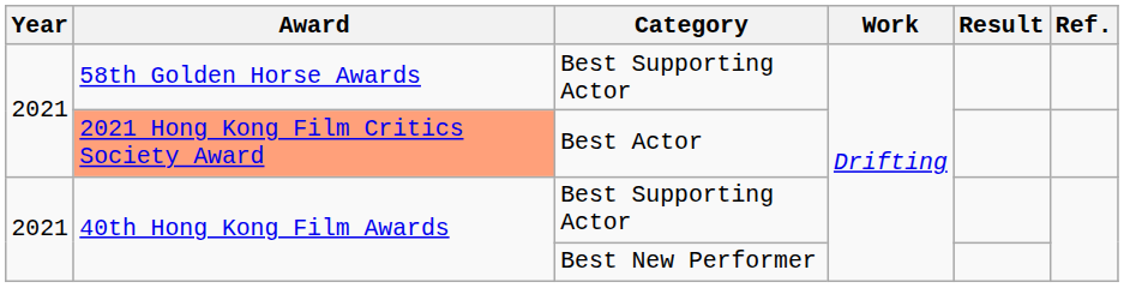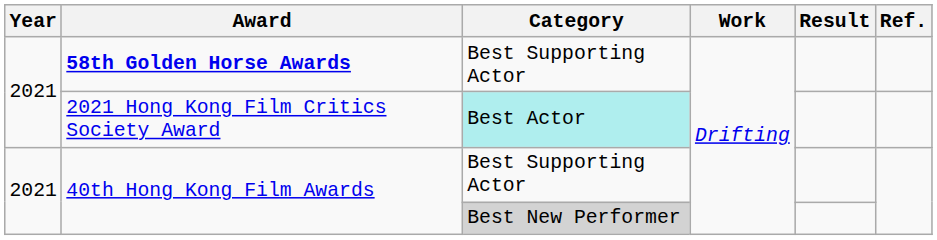 <table class="wikitable plainrowheaders">
 <tr>
 <th>Year</th>
 <th>Award</th>
 <th>Category</th>
 <th>Work</th>
 <th>Result</th>
 <th>Ref.</th>
 </tr>
 <tr>
 <td rowspan="2">2021</td>
-<td><a href='#'>58th Golden Horse Awards</a></td>
+<td><strong><a href='#'>58th Golden Horse Awards</a></strong></td>
 <td>Best Supporting Actor</td>
 <td rowspan="4"><em><a href='#'>Drifting</a></em></td>
 <td></td>
 <td></td>
 </tr>
 <tr>
-<td style="background: lightsalmon;"><a href='#'>2021 Hong Kong Film Critics Society Award</a></td>
-<td>Best Actor</td>
+<td><a href='#'>2021 Hong Kong Film Critics Society Award</a></td>
+<td style="background: paleturquoise;">Best Actor</td>
 <td></td>
 <td></td>
 </tr>
 <tr>
 <td rowspan="2">2021</td>
 <td rowspan="2"><a href='#'>40th Hong Kong Film Awards</a></td>
 <td>Best Supporting Actor</td>
 <td></td>
 <td rowspan="2"></td>
 </tr>
 <tr>
-<td>Best New Performer</td>
+<td style="background: lightgrey;">Best New Performer</td>
 <td></td>
 </tr>
 </table>
